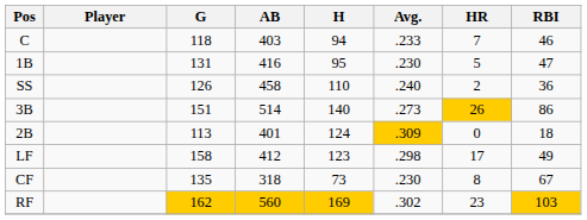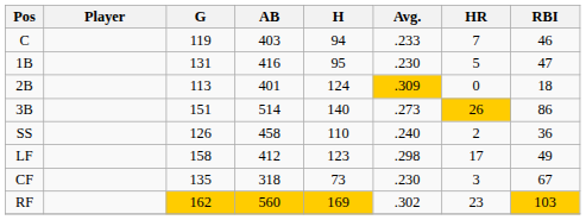 <table class="wikitable sortable">
 <tr>
 <th bgcolor="#DDDDFF" width="5%">Pos</th>
 <th bgcolor="#DDDDFF" width="16%">Player</th>
 <th bgcolor="#DDDDFF" width="9%">G</th>
 <th bgcolor="#DDDDFF" width="9%">AB</th>
 <th bgcolor="#DDDDFF" width="9%">H</th>
 <th bgcolor="#DDDDFF" width="9%">Avg.</th>
 <th bgcolor="#DDDDFF" width="9%">HR</th>
 <th bgcolor="#DDDDFF" width="9%">RBI</th>
 </tr>
 <tr align="center">
 <td>C</td>
 <td></td>
-<td>118</td>
+<td>119</td>
 <td>403</td>
 <td>94</td>
 <td>.233</td>
 <td>7</td>
 <td>46</td>
 </tr>
 <tr align="center">
 <td>1B</td>
 <td></td>
 <td>131</td>
 <td>416</td>
 <td>95</td>
 <td>.230</td>
 <td>5</td>
 <td>47</td>
 </tr>
 <tr align="center">
-<td>SS</td>
+<td>2B</td>
 <td></td>
-<td>126</td>
-<td>458</td>
-<td>110</td>
-<td>.240</td>
-<td>2</td>
-<td>36</td>
+<td>113</td>
+<td>401</td>
+<td>124</td>
+<td style="background:#fc0;">.309</td>
+<td>0</td>
+<td>18</td>
 </tr>
 <tr align="center">
 <td>3B</td>
 <td></td>
 <td>151</td>
 <td>514</td>
 <td>140</td>
 <td>.273</td>
 <td style="background:#fc0;">26</td>
 <td>86</td>
 </tr>
 <tr align="center">
-<td>2B</td>
+<td>SS</td>
 <td></td>
-<td>113</td>
-<td>401</td>
-<td>124</td>
-<td style="background:#fc0;">.309</td>
-<td>0</td>
-<td>18</td>
+<td>126</td>
+<td>458</td>
+<td>110</td>
+<td>.240</td>
+<td>2</td>
+<td>36</td>
 </tr>
 <tr align="center">
 <td>LF</td>
 <td></td>
 <td>158</td>
 <td>412</td>
 <td>123</td>
 <td>.298</td>
 <td>17</td>
 <td>49</td>
 </tr>
 <tr align="center">
 <td>CF</td>
 <td></td>
 <td>135</td>
 <td>318</td>
 <td>73</td>
 <td>.230</td>
-<td>8</td>
+<td>3</td>
 <td>67</td>
 </tr>
 <tr align="center">
 <td>RF</td>
 <td></td>
 <td style="background:#fc0;">162</td>
 <td style="background:#fc0;">560</td>
 <td style="background:#fc0;">169</td>
 <td>.302</td>
 <td>23</td>
 <td style="background:#fc0;">103</td>
 </tr>
 <tr align="center">
 </tr>
 </table>
